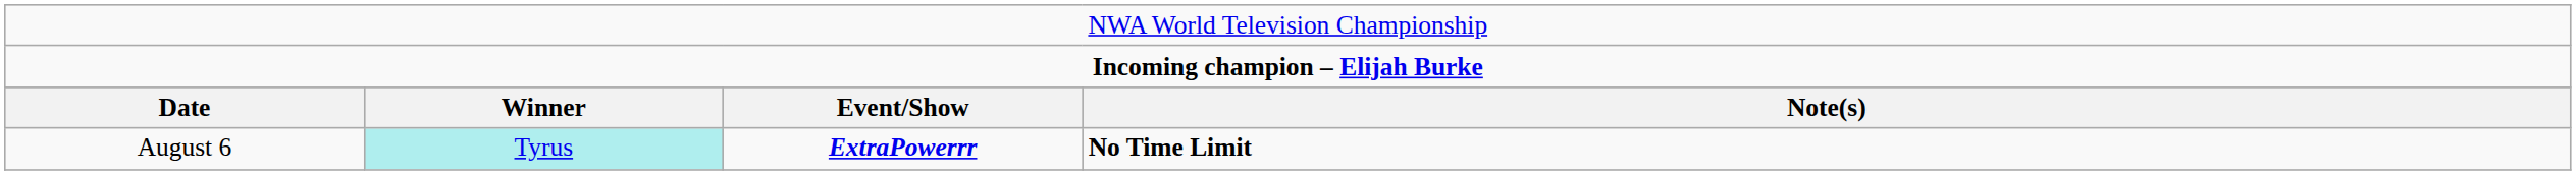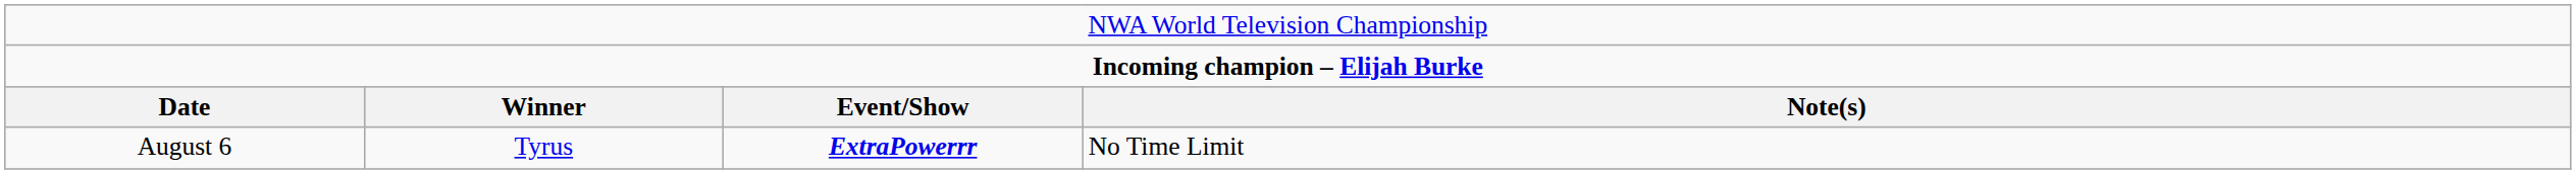 <table class="wikitable" style="text-align:center; width:100%;">
 <tr>
 <td colspan="4" style="text-align: center;"><a href='#'>NWA World Television Championship</a></td>
 </tr>
 <tr>
 <td colspan="4" style="text-align: center;"><strong>Incoming champion – <a href='#'>Elijah Burke</a></strong></td>
 </tr>
 <tr>
 <th width=14%>Date</th>
 <th width=14%>Winner</th>
 <th width=14%>Event/Show</th>
 <th width=58%>Note(s)</th>
 </tr>
 <tr>
 <td>August 6</td>
-<td style="background: paleturquoise;"><a href='#'>Tyrus</a></td>
+<td><a href='#'>Tyrus</a></td>
 <td><strong><a href='#'><em>ExtraPowerrr</em></a></strong></td>
-<td align=left><strong>No Time Limit</strong></td>
+<td align=left>No Time Limit</td>
 </tr>
 </table>
